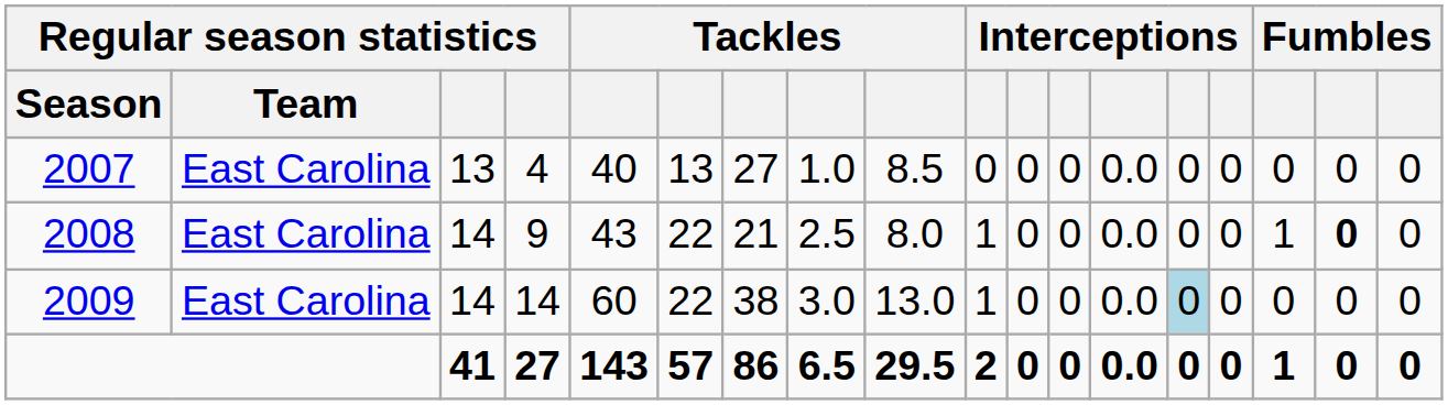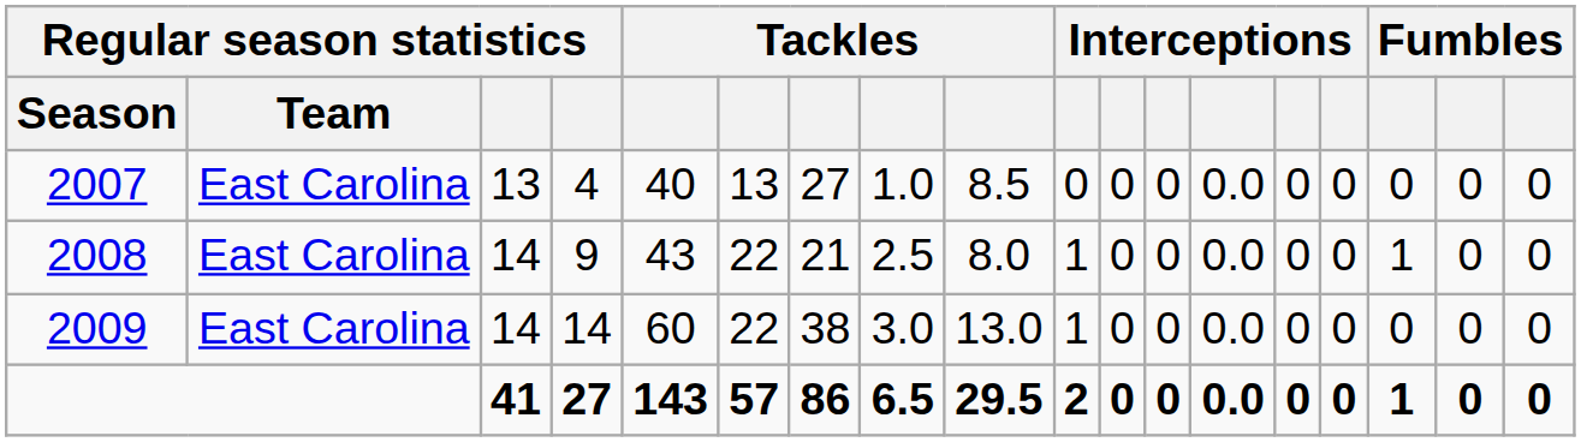 <table class="wikitable sortable" style="text-align:center;">
 <tr>
 <th colspan="4">Regular season statistics</th>
 <th colspan="5">Tackles</th>
 <th colspan="6">Interceptions</th>
 <th colspan="3">Fumbles</th>
 </tr>
 <tr>
 <th>Season</th>
 <th>Team</th>
 <th></th>
 <th></th>
 <th></th>
 <th></th>
 <th></th>
 <th></th>
 <th></th>
 <th></th>
 <th></th>
 <th></th>
 <th></th>
 <th></th>
 <th></th>
 <th></th>
 <th></th>
 <th></th>
 </tr>
 <tr>
 <td><a href='#'>2007</a></td>
 <td><a href='#'>East Carolina</a></td>
 <td>13</td>
 <td>4</td>
 <td>40</td>
 <td>13</td>
 <td>27</td>
 <td>1.0</td>
 <td>8.5</td>
 <td>0</td>
 <td>0</td>
 <td>0</td>
 <td>0.0</td>
 <td>0</td>
 <td>0</td>
 <td>0</td>
 <td>0</td>
 <td>0</td>
 </tr>
 <tr>
 <td><a href='#'>2008</a></td>
 <td><a href='#'>East Carolina</a></td>
 <td>14</td>
 <td>9</td>
 <td>43</td>
 <td>22</td>
 <td>21</td>
 <td>2.5</td>
 <td>8.0</td>
 <td>1</td>
 <td>0</td>
 <td>0</td>
 <td>0.0</td>
 <td>0</td>
 <td>0</td>
 <td>1</td>
-<td><strong>0</strong></td>
+<td>0</td>
 <td>0</td>
 </tr>
 <tr>
 <td><a href='#'>2009</a></td>
 <td><a href='#'>East Carolina</a></td>
 <td>14</td>
 <td>14</td>
 <td>60</td>
 <td>22</td>
 <td>38</td>
 <td>3.0</td>
 <td>13.0</td>
 <td>1</td>
 <td>0</td>
 <td>0</td>
 <td>0.0</td>
-<td style="background: lightblue;">0</td>
+<td>0</td>
 <td>0</td>
 <td>0</td>
 <td>0</td>
 <td>0</td>
 </tr>
 <tr class="sortbottom">
 <td colspan="2"><strong></strong></td>
 <td><strong>41</strong></td>
 <td><strong>27</strong></td>
 <td><strong>143</strong></td>
 <td><strong>57</strong></td>
 <td><strong>86</strong></td>
 <td><strong>6.5</strong></td>
 <td><strong>29.5</strong></td>
 <td><strong>2</strong></td>
 <td><strong>0</strong></td>
 <td><strong>0</strong></td>
 <td><strong>0.0</strong></td>
 <td><strong>0</strong></td>
 <td><strong>0</strong></td>
 <td><strong>1</strong></td>
 <td><strong>0</strong></td>
 <td><strong>0</strong></td>
 </tr>
 </table>
